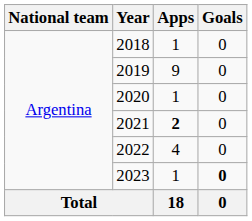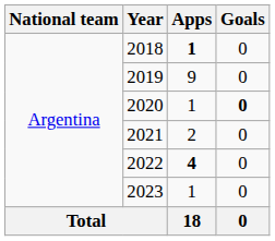 <table class=wikitable style=text-align:center>
 <tr>
 <th>National team</th>
 <th>Year</th>
 <th>Apps</th>
 <th>Goals</th>
 </tr>
 <tr>
 <td rowspan=6><a href='#'>Argentina</a></td>
 <td>2018</td>
-<td>1</td>
+<td><strong>1</strong></td>
 <td>0</td>
 </tr>
 <tr>
 <td>2019</td>
 <td>9</td>
 <td>0</td>
 </tr>
 <tr>
 <td>2020</td>
 <td>1</td>
-<td>0</td>
+<td><strong>0</strong></td>
 </tr>
 <tr>
 <td>2021</td>
-<td><strong>2</strong></td>
+<td>2</td>
 <td>0</td>
 </tr>
 <tr>
 <td>2022</td>
-<td>4</td>
+<td><strong>4</strong></td>
 <td>0</td>
 </tr>
 <tr>
 <td>2023</td>
 <td>1</td>
-<td><strong>0</strong></td>
+<td>0</td>
 </tr>
 <tr>
 <th colspan=2>Total</th>
 <th>18</th>
 <th>0</th>
 </tr>
 </table>
